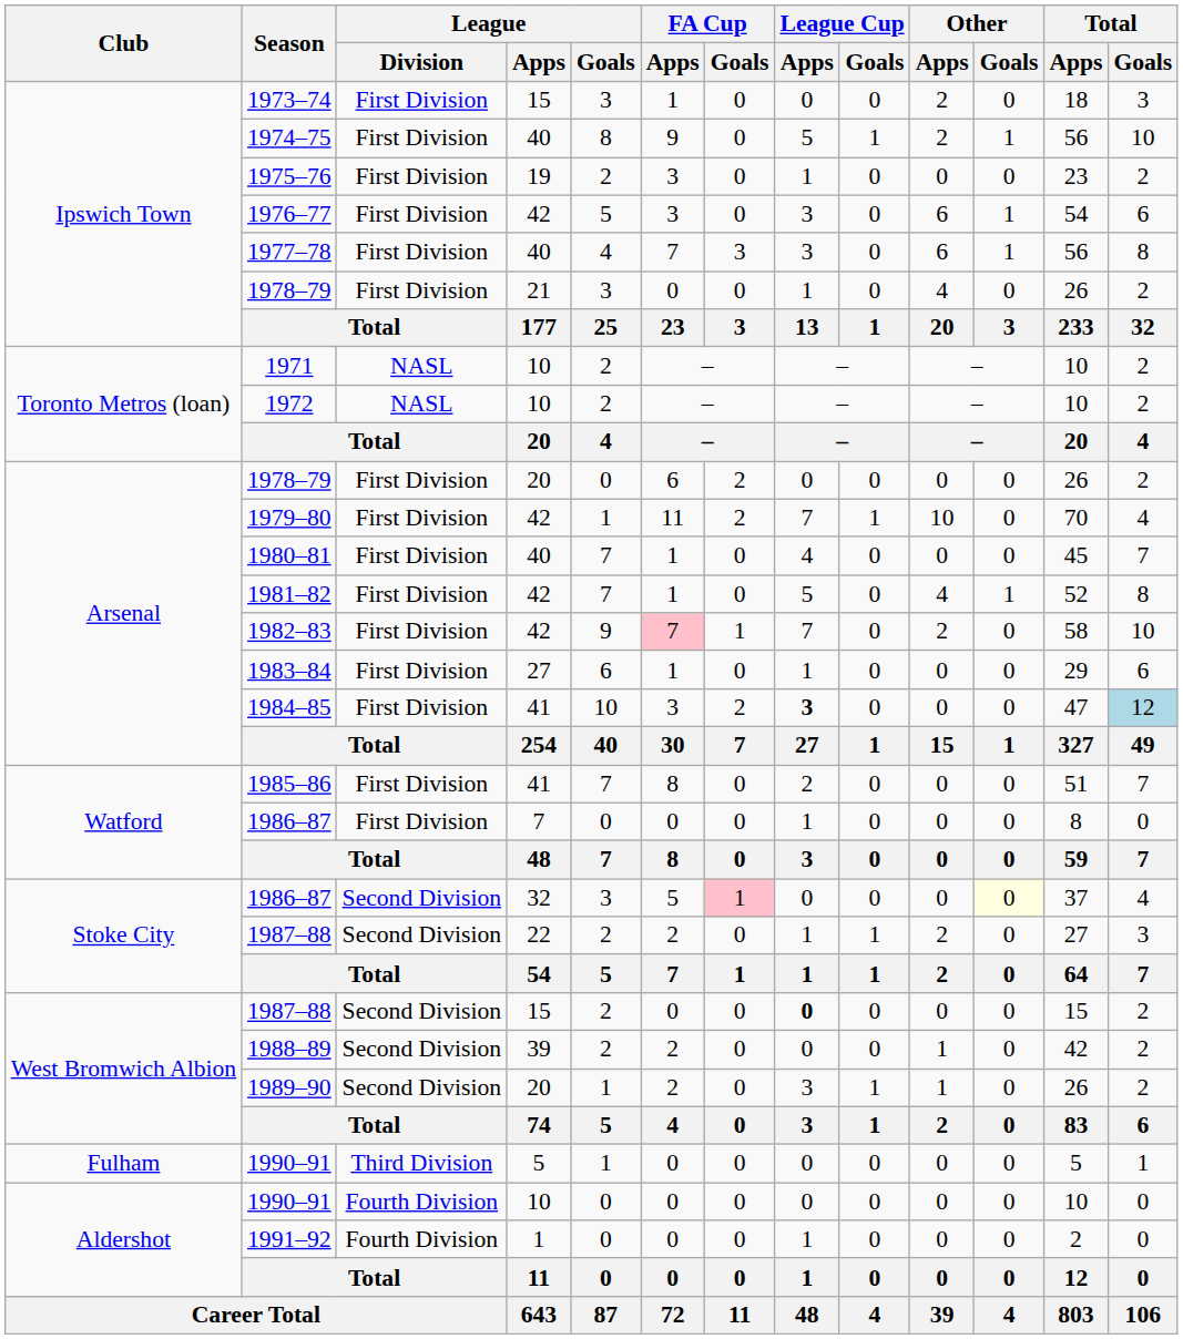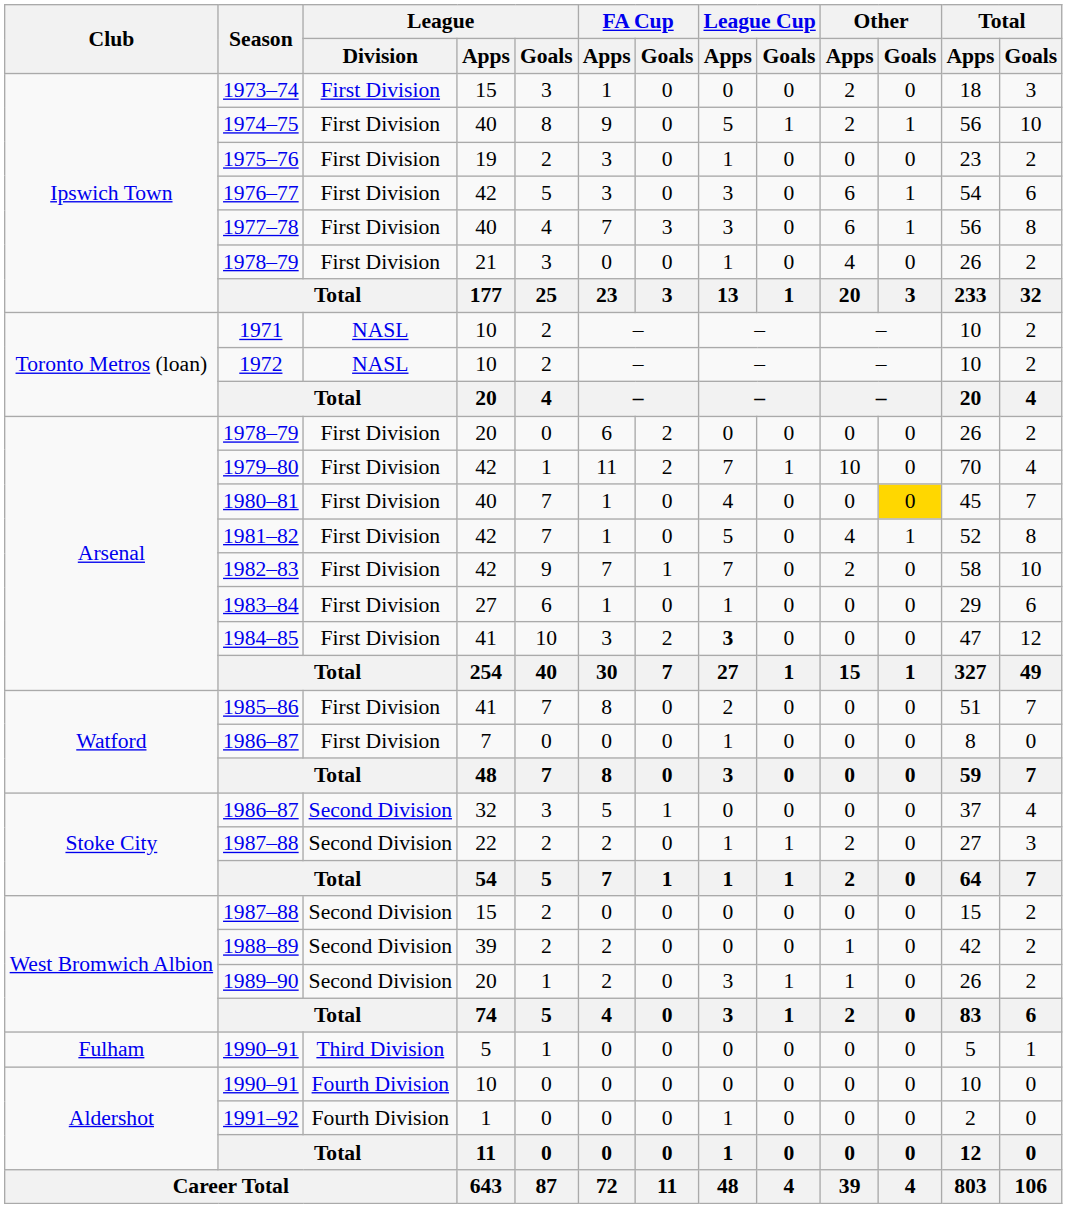 <table class="wikitable" style="text-align: center;">
 <tr>
 <th rowspan="2">Club</th>
 <th rowspan="2">Season</th>
 <th colspan="3">League</th>
 <th colspan="2"><a href='#'>FA Cup</a></th>
 <th colspan="2"><a href='#'>League Cup</a></th>
 <th colspan="2">Other</th>
 <th colspan="2">Total</th>
 </tr>
 <tr>
 <th>Division</th>
 <th>Apps</th>
 <th>Goals</th>
 <th>Apps</th>
 <th>Goals</th>
 <th>Apps</th>
 <th>Goals</th>
 <th>Apps</th>
 <th>Goals</th>
 <th>Apps</th>
 <th>Goals</th>
 </tr>
 <tr>
 <td rowspan="7"><a href='#'>Ipswich Town</a></td>
 <td><a href='#'>1973–74</a></td>
 <td><a href='#'>First Division</a></td>
 <td>15</td>
 <td>3</td>
 <td>1</td>
 <td>0</td>
 <td>0</td>
 <td>0</td>
 <td>2</td>
 <td>0</td>
 <td>18</td>
 <td>3</td>
 </tr>
 <tr>
 <td><a href='#'>1974–75</a></td>
 <td>First Division</td>
 <td>40</td>
 <td>8</td>
 <td>9</td>
 <td>0</td>
 <td>5</td>
 <td>1</td>
 <td>2</td>
 <td>1</td>
 <td>56</td>
 <td>10</td>
 </tr>
 <tr>
 <td><a href='#'>1975–76</a></td>
 <td>First Division</td>
 <td>19</td>
 <td>2</td>
 <td>3</td>
 <td>0</td>
 <td>1</td>
 <td>0</td>
 <td>0</td>
 <td>0</td>
 <td>23</td>
 <td>2</td>
 </tr>
 <tr>
 <td><a href='#'>1976–77</a></td>
 <td>First Division</td>
 <td>42</td>
 <td>5</td>
 <td>3</td>
 <td>0</td>
 <td>3</td>
 <td>0</td>
 <td>6</td>
 <td>1</td>
 <td>54</td>
 <td>6</td>
 </tr>
 <tr>
 <td><a href='#'>1977–78</a></td>
 <td>First Division</td>
 <td>40</td>
 <td>4</td>
 <td>7</td>
 <td>3</td>
 <td>3</td>
 <td>0</td>
 <td>6</td>
 <td>1</td>
 <td>56</td>
 <td>8</td>
 </tr>
 <tr>
 <td><a href='#'>1978–79</a></td>
 <td>First Division</td>
 <td>21</td>
 <td>3</td>
 <td>0</td>
 <td>0</td>
 <td>1</td>
 <td>0</td>
 <td>4</td>
 <td>0</td>
 <td>26</td>
 <td>2</td>
 </tr>
 <tr>
 <th colspan="2">Total</th>
 <th>177</th>
 <th>25</th>
 <th>23</th>
 <th>3</th>
 <th>13</th>
 <th>1</th>
 <th>20</th>
 <th>3</th>
 <th>233</th>
 <th>32</th>
 </tr>
 <tr>
 <td rowspan="3"><a href='#'>Toronto Metros</a> (loan)</td>
 <td><a href='#'>1971</a></td>
 <td><a href='#'>NASL</a></td>
 <td>10</td>
 <td>2</td>
 <td colspan="2">–</td>
 <td colspan="2">–</td>
 <td colspan="2">–</td>
 <td>10</td>
 <td>2</td>
 </tr>
 <tr>
 <td><a href='#'>1972</a></td>
 <td><a href='#'>NASL</a></td>
 <td>10</td>
 <td>2</td>
 <td colspan="2">–</td>
 <td colspan="2">–</td>
 <td colspan="2">–</td>
 <td>10</td>
 <td>2</td>
 </tr>
 <tr>
 <th colspan="2">Total</th>
 <th>20</th>
 <th>4</th>
 <th colspan="2">–</th>
 <th colspan="2">–</th>
 <th colspan="2">–</th>
 <th>20</th>
 <th>4</th>
 </tr>
 <tr>
 <td rowspan="8"><a href='#'>Arsenal</a></td>
 <td><a href='#'>1978–79</a></td>
 <td>First Division</td>
 <td>20</td>
 <td>0</td>
 <td>6</td>
 <td>2</td>
 <td>0</td>
 <td>0</td>
 <td>0</td>
 <td>0</td>
 <td>26</td>
 <td>2</td>
 </tr>
 <tr>
 <td><a href='#'>1979–80</a></td>
 <td>First Division</td>
 <td>42</td>
 <td>1</td>
 <td>11</td>
 <td>2</td>
 <td>7</td>
 <td>1</td>
 <td>10</td>
 <td>0</td>
 <td>70</td>
 <td>4</td>
 </tr>
 <tr>
 <td><a href='#'>1980–81</a></td>
 <td>First Division</td>
 <td>40</td>
 <td>7</td>
 <td>1</td>
 <td>0</td>
 <td>4</td>
 <td>0</td>
 <td>0</td>
-<td>0</td>
+<td style="background: gold;">0</td>
 <td>45</td>
 <td>7</td>
 </tr>
 <tr>
 <td><a href='#'>1981–82</a></td>
 <td>First Division</td>
 <td>42</td>
 <td>7</td>
 <td>1</td>
 <td>0</td>
 <td>5</td>
 <td>0</td>
 <td>4</td>
 <td>1</td>
 <td>52</td>
 <td>8</td>
 </tr>
 <tr>
 <td><a href='#'>1982–83</a></td>
 <td>First Division</td>
 <td>42</td>
 <td>9</td>
-<td style="background: pink;">7</td>
+<td>7</td>
 <td>1</td>
 <td>7</td>
 <td>0</td>
 <td>2</td>
 <td>0</td>
 <td>58</td>
 <td>10</td>
 </tr>
 <tr>
 <td><a href='#'>1983–84</a></td>
 <td>First Division</td>
 <td>27</td>
 <td>6</td>
 <td>1</td>
 <td>0</td>
 <td>1</td>
 <td>0</td>
 <td>0</td>
 <td>0</td>
 <td>29</td>
 <td>6</td>
 </tr>
 <tr>
 <td><a href='#'>1984–85</a></td>
 <td>First Division</td>
 <td>41</td>
 <td>10</td>
 <td>3</td>
 <td>2</td>
 <td><strong>3</strong></td>
 <td>0</td>
 <td>0</td>
 <td>0</td>
 <td>47</td>
-<td style="background: lightblue;">12</td>
+<td>12</td>
 </tr>
 <tr>
 <th colspan="2">Total</th>
 <th>254</th>
 <th>40</th>
 <th>30</th>
 <th>7</th>
 <th>27</th>
 <th>1</th>
 <th>15</th>
 <th>1</th>
 <th>327</th>
 <th>49</th>
 </tr>
 <tr>
 <td rowspan="3"><a href='#'>Watford</a></td>
 <td><a href='#'>1985–86</a></td>
 <td>First Division</td>
 <td>41</td>
 <td>7</td>
 <td>8</td>
 <td>0</td>
 <td>2</td>
 <td>0</td>
 <td>0</td>
 <td>0</td>
 <td>51</td>
 <td>7</td>
 </tr>
 <tr>
 <td><a href='#'>1986–87</a></td>
 <td>First Division</td>
 <td>7</td>
 <td>0</td>
 <td>0</td>
 <td>0</td>
 <td>1</td>
 <td>0</td>
 <td>0</td>
 <td>0</td>
 <td>8</td>
 <td>0</td>
 </tr>
 <tr>
 <th colspan="2">Total</th>
 <th>48</th>
 <th>7</th>
 <th>8</th>
 <th>0</th>
 <th>3</th>
 <th>0</th>
 <th>0</th>
 <th>0</th>
 <th>59</th>
 <th>7</th>
 </tr>
 <tr>
 <td rowspan="3"><a href='#'>Stoke City</a></td>
 <td><a href='#'>1986–87</a></td>
 <td><a href='#'>Second Division</a></td>
 <td>32</td>
 <td>3</td>
 <td>5</td>
-<td style="background: pink;">1</td>
+<td>1</td>
 <td>0</td>
 <td>0</td>
 <td>0</td>
-<td style="background: lightyellow;">0</td>
+<td>0</td>
 <td>37</td>
 <td>4</td>
 </tr>
 <tr>
 <td><a href='#'>1987–88</a></td>
 <td>Second Division</td>
 <td>22</td>
 <td>2</td>
 <td>2</td>
 <td>0</td>
 <td>1</td>
 <td>1</td>
 <td>2</td>
 <td>0</td>
 <td>27</td>
 <td>3</td>
 </tr>
 <tr>
 <th colspan="2">Total</th>
 <th>54</th>
 <th>5</th>
 <th>7</th>
 <th>1</th>
 <th>1</th>
 <th>1</th>
 <th>2</th>
 <th>0</th>
 <th>64</th>
 <th>7</th>
 </tr>
 <tr>
 <td rowspan="4"><a href='#'>West Bromwich Albion</a></td>
 <td><a href='#'>1987–88</a></td>
 <td>Second Division</td>
 <td>15</td>
 <td>2</td>
 <td>0</td>
 <td>0</td>
-<td><strong>0</strong></td>
+<td>0</td>
 <td>0</td>
 <td>0</td>
 <td>0</td>
 <td>15</td>
 <td>2</td>
 </tr>
 <tr>
 <td><a href='#'>1988–89</a></td>
 <td>Second Division</td>
 <td>39</td>
 <td>2</td>
 <td>2</td>
 <td>0</td>
 <td>0</td>
 <td>0</td>
 <td>1</td>
 <td>0</td>
 <td>42</td>
 <td>2</td>
 </tr>
 <tr>
 <td><a href='#'>1989–90</a></td>
 <td>Second Division</td>
 <td>20</td>
 <td>1</td>
 <td>2</td>
 <td>0</td>
 <td>3</td>
 <td>1</td>
 <td>1</td>
 <td>0</td>
 <td>26</td>
 <td>2</td>
 </tr>
 <tr>
 <th colspan="2">Total</th>
 <th>74</th>
 <th>5</th>
 <th>4</th>
 <th>0</th>
 <th>3</th>
 <th>1</th>
 <th>2</th>
 <th>0</th>
 <th>83</th>
 <th>6</th>
 </tr>
 <tr>
 <td><a href='#'>Fulham</a></td>
 <td><a href='#'>1990–91</a></td>
 <td><a href='#'>Third Division</a></td>
 <td>5</td>
 <td>1</td>
 <td>0</td>
 <td>0</td>
 <td>0</td>
 <td>0</td>
 <td>0</td>
 <td>0</td>
 <td>5</td>
 <td>1</td>
 </tr>
 <tr>
 <td rowspan="3"><a href='#'>Aldershot</a></td>
 <td><a href='#'>1990–91</a></td>
 <td><a href='#'>Fourth Division</a></td>
 <td>10</td>
 <td>0</td>
 <td>0</td>
 <td>0</td>
 <td>0</td>
 <td>0</td>
 <td>0</td>
 <td>0</td>
 <td>10</td>
 <td>0</td>
 </tr>
 <tr>
 <td><a href='#'>1991–92</a></td>
 <td>Fourth Division</td>
 <td>1</td>
 <td>0</td>
 <td>0</td>
 <td>0</td>
 <td>1</td>
 <td>0</td>
 <td>0</td>
 <td>0</td>
 <td>2</td>
 <td>0</td>
 </tr>
 <tr>
 <th colspan="2">Total</th>
 <th>11</th>
 <th>0</th>
 <th>0</th>
 <th>0</th>
 <th>1</th>
 <th>0</th>
 <th>0</th>
 <th>0</th>
 <th>12</th>
 <th>0</th>
 </tr>
 <tr>
 <th colspan="3">Career Total</th>
 <th>643</th>
 <th>87</th>
 <th>72</th>
 <th>11</th>
 <th>48</th>
 <th>4</th>
 <th>39</th>
 <th>4</th>
 <th>803</th>
 <th>106</th>
 </tr>
 </table>
